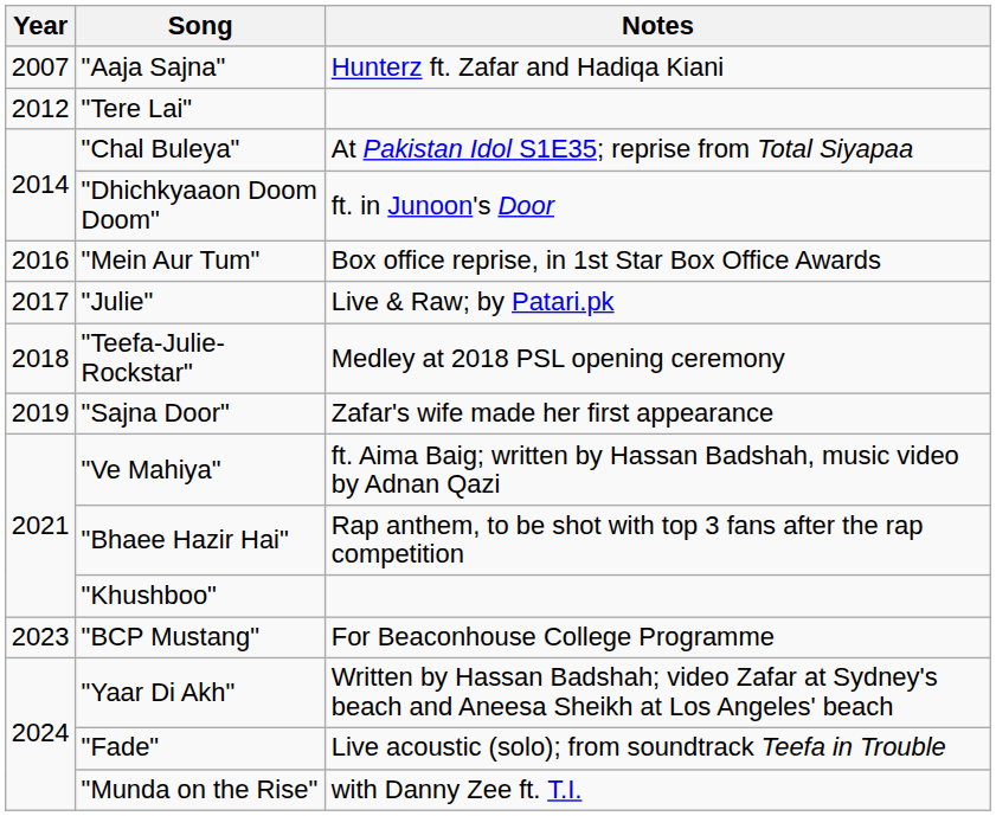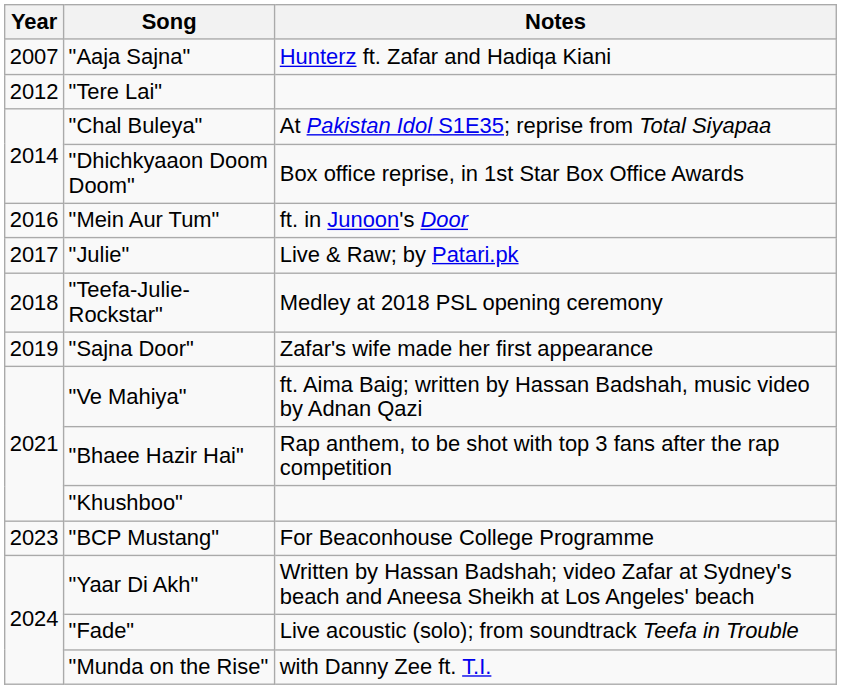 <table class="wikitable">
 <tr>
 <th>Year</th>
 <th>Song</th>
 <th>Notes</th>
 </tr>
 <tr>
 <td>2007</td>
 <td>"Aaja Sajna"</td>
 <td><a href='#'>Hunterz</a> ft. Zafar and Hadiqa Kiani</td>
 </tr>
 <tr>
 <td>2012</td>
 <td>"Tere Lai"</td>
 <td></td>
 </tr>
 <tr>
 <td rowspan=2>2014</td>
 <td>"Chal Buleya"</td>
 <td>At <a href='#'><em>Pakistan Idol</em> S1E35</a>; reprise from <em>Total Siyapaa</em></td>
 </tr>
 <tr>
 <td>"Dhichkyaaon Doom Doom"</td>
-<td>ft. in <a href='#'>Junoon</a>'s <em><a href='#'>Door</a></em></td>
+<td>Box office reprise, in 1st Star Box Office Awards</td>
 </tr>
 <tr>
 <td>2016</td>
 <td>"Mein Aur Tum"</td>
-<td>Box office reprise, in 1st Star Box Office Awards</td>
+<td>ft. in <a href='#'>Junoon</a>'s <em><a href='#'>Door</a></em></td>
 </tr>
 <tr>
 <td>2017</td>
 <td>"Julie"</td>
 <td>Live & Raw; by <a href='#'>Patari.pk</a></td>
 </tr>
 <tr>
 <td>2018</td>
 <td>"Teefa-Julie-Rockstar"</td>
 <td>Medley at 2018 PSL opening ceremony</td>
 </tr>
 <tr>
 <td>2019</td>
 <td>"Sajna Door"</td>
 <td>Zafar's wife made her first appearance</td>
 </tr>
 <tr>
 <td rowspan=3>2021</td>
 <td>"Ve Mahiya"</td>
 <td>ft. Aima Baig; written by Hassan Badshah, music video by Adnan Qazi</td>
 </tr>
 <tr>
 <td>"Bhaee Hazir Hai" </td>
 <td>Rap anthem, to be shot with top 3 fans after the rap competition</td>
 </tr>
 <tr>
 <td>"Khushboo"</td>
 <td></td>
 </tr>
 <tr>
 <td>2023</td>
 <td>"BCP Mustang"</td>
 <td>For Beaconhouse College Programme</td>
 </tr>
 <tr>
 <td rowspan=3>2024</td>
 <td>"Yaar Di Akh"</td>
 <td>Written by Hassan Badshah; video Zafar at Sydney's beach and Aneesa Sheikh at Los Angeles' beach</td>
 </tr>
 <tr>
 <td>"Fade"</td>
 <td>Live acoustic (solo); from soundtrack <em>Teefa in Trouble</em></td>
 </tr>
 <tr>
 <td>"Munda on the Rise"</td>
 <td>with Danny Zee ft. <a href='#'>T.I.</a></td>
 </tr>
 </table>
